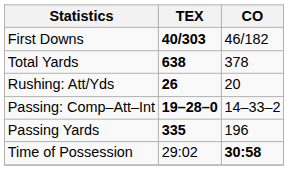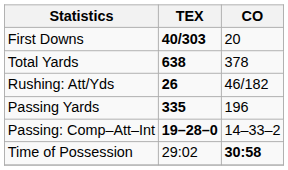 <table class="wikitable" style="float: left;">
 <tr>
 <th>Statistics</th>
 <th>TEX</th>
 <th>CO</th>
 </tr>
 <tr>
 <td>First Downs</td>
 <td><strong>40/303</strong></td>
-<td>46/182</td>
+<td>20</td>
 </tr>
 <tr>
 <td>Total Yards</td>
 <td><strong>638</strong></td>
 <td>378</td>
 </tr>
 <tr>
 <td>Rushing: Att/Yds</td>
 <td><strong>26</strong></td>
-<td>20</td>
+<td>46/182</td>
+</tr>
+<tr>
+<td>Passing Yards</td>
+<td><strong>335</strong></td>
+<td>196</td>
 </tr>
 <tr>
 <td>Passing: Comp–Att–Int</td>
 <td><strong>19–28–0</strong></td>
 <td>14–33–2</td>
-</tr>
-<tr>
-<td>Passing Yards</td>
-<td><strong>335</strong></td>
-<td>196</td>
 </tr>
 <tr>
 <td>Time of Possession</td>
 <td>29:02</td>
 <td><strong>30:58</strong></td>
 </tr>
 <tr>
 </tr>
 </table>
